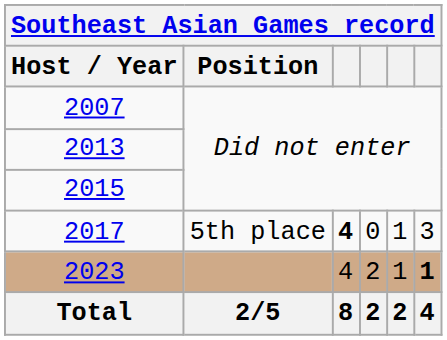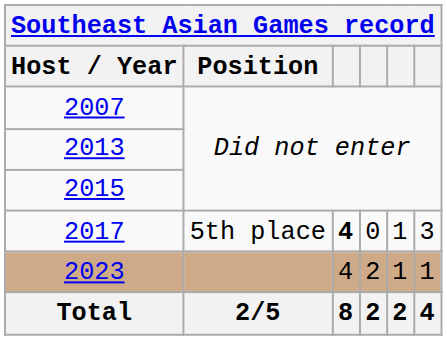 <table class="wikitable" style="text-align: center;">
 <tr>
 <th colspan=9><a href='#'>Southeast Asian Games record</a></th>
 </tr>
 <tr>
 <th>Host / Year</th>
 <th>Position</th>
 <th></th>
 <th></th>
 <th></th>
 <th></th>
 </tr>
 <tr>
 <td> <a href='#'>2007</a></td>
 <td colspan=8 rowspan="3"><em>Did not enter</em></td>
 </tr>
 <tr>
 <td> <a href='#'>2013</a></td>
 </tr>
 <tr>
 <td> <a href='#'>2015</a></td>
 </tr>
 <tr>
 <td> <a href='#'>2017</a></td>
 <td>5th place</td>
 <td><strong>4</strong></td>
 <td>0</td>
 <td>1</td>
 <td>3</td>
 </tr>
 <tr bgcolor=#CFAA88>
 <td> <a href='#'>2023</a></td>
 <td></td>
 <td>4</td>
 <td>2</td>
 <td>1</td>
-<td><strong>1</strong></td>
+<td>1</td>
 </tr>
 <tr>
 <th>Total</th>
 <th>2/5</th>
 <th>8</th>
 <th>2</th>
 <th>2</th>
 <th>4</th>
 </tr>
 </table>
